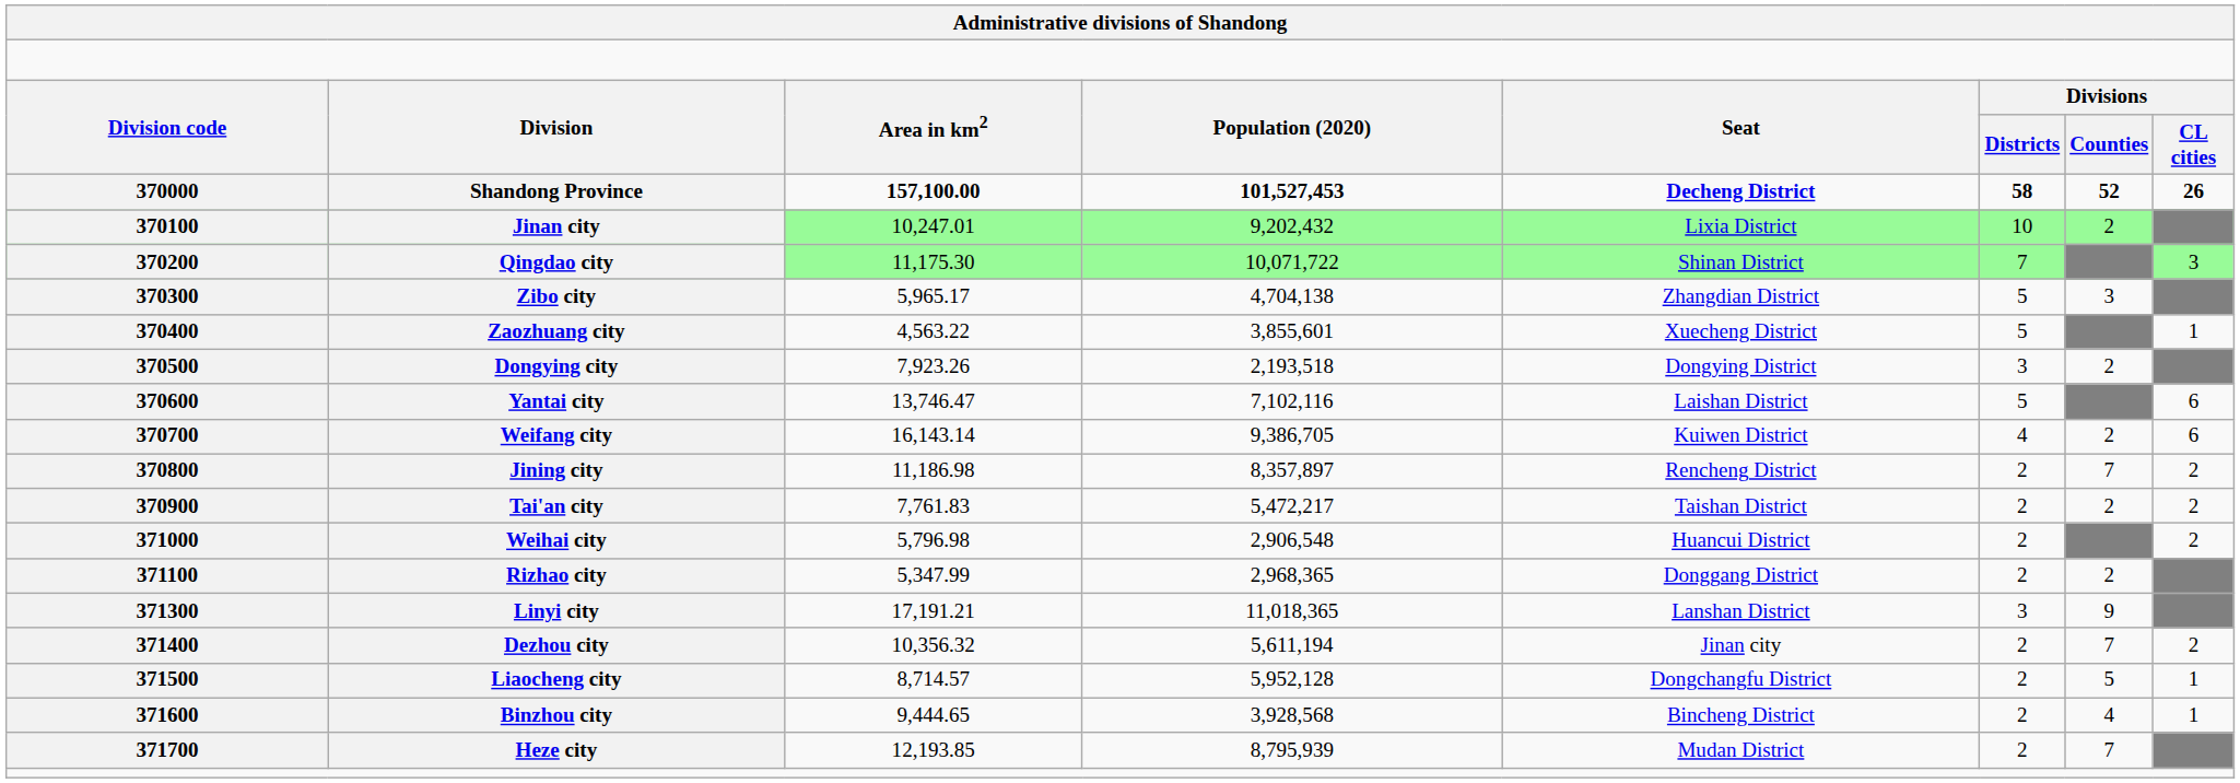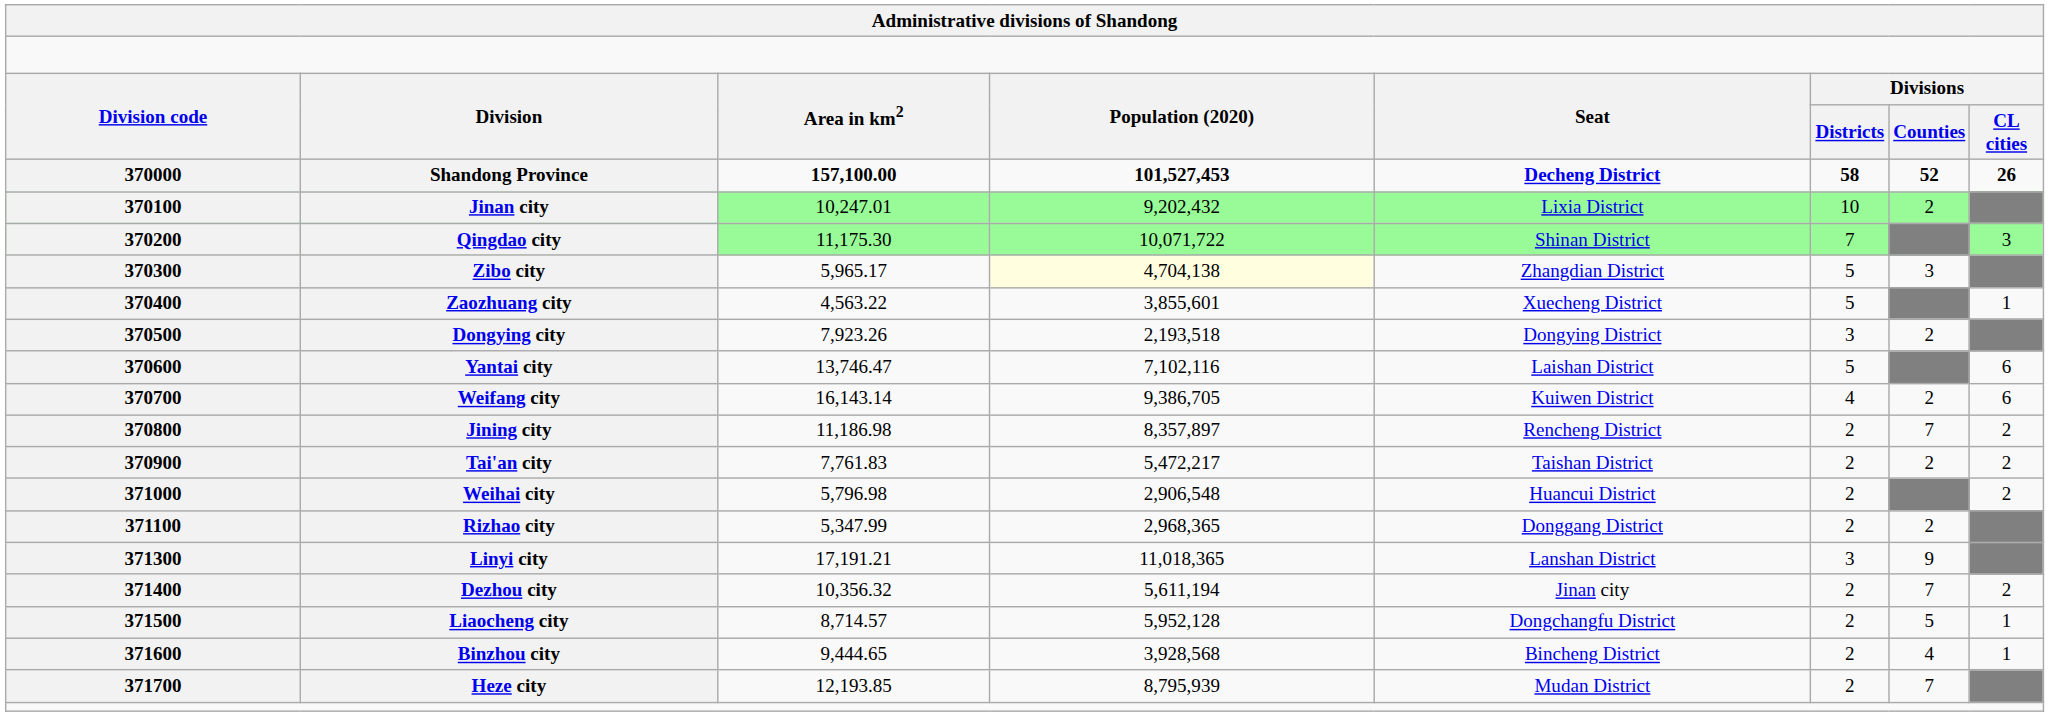 <table class="wikitable" style="margin:1em auto 1em auto; width:90%; font-size:smaller; text-align:center">
 <tr>
 <th colspan="9">Administrative divisions of Shandong</th>
 </tr>
 <tr>
 <td colspan="9" style="font-size:larger"><div><br>                  </div></td>
 </tr>
 <tr>
 <th ! scope="col" rowspan="2"><a href='#'>Division code</a></th>
 <th ! scope="col" rowspan="2">Division</th>
 <th ! scope="col" rowspan="2">Area in km<sup>2</sup></th>
 <th ! scope="col" rowspan="2">Population (2020)</th>
 <th ! scope="col" rowspan="2">Seat</th>
 <th ! scope="col" colspan="3">Divisions</th>
 </tr>
 <tr>
 <th ! scope="col" width="45"><a href='#'>Districts</a></th>
 <th ! scope="col" width="45"><a href='#'>Counties</a></th>
 <th ! scope="col" width="45"><a href='#'>CL cities</a></th>
 </tr>
 <tr style="font-weight: bold">
 <th>370000</th>
 <th>Shandong Province</th>
 <td>157,100.00</td>
 <td>101,527,453</td>
 <td><a href='#'>Decheng District</a></td>
 <td>58</td>
 <td>52</td>
 <td>26</td>
 </tr>
 <tr bgcolor="#98fb98">
 <th>370100</th>
 <th><a href='#'>Jinan</a> city</th>
 <td>10,247.01</td>
 <td>9,202,432</td>
 <td><a href='#'>Lixia District</a></td>
 <td>10</td>
 <td>2</td>
 <td bgcolor="grey"></td>
 </tr>
 <tr bgcolor="#98fb98">
 <th>370200</th>
 <th><a href='#'>Qingdao</a> city</th>
 <td>11,175.30</td>
 <td>10,071,722</td>
 <td><a href='#'>Shinan District</a></td>
 <td>7</td>
 <td bgcolor="grey"></td>
 <td>3</td>
 </tr>
 <tr>
 <th>370300</th>
 <th><a href='#'>Zibo</a> city</th>
 <td>5,965.17</td>
-<td>4,704,138</td>
+<td style="background: lightyellow;">4,704,138</td>
 <td><a href='#'>Zhangdian District</a></td>
 <td>5</td>
 <td>3</td>
 <td bgcolor="grey"></td>
 </tr>
 <tr>
 <th>370400</th>
 <th><a href='#'>Zaozhuang</a> city</th>
 <td>4,563.22</td>
 <td>3,855,601</td>
 <td><a href='#'>Xuecheng District</a></td>
 <td>5</td>
 <td bgcolor="grey"></td>
 <td>1</td>
 </tr>
 <tr>
 <th>370500</th>
 <th><a href='#'>Dongying</a> city</th>
 <td>7,923.26</td>
 <td>2,193,518</td>
 <td><a href='#'>Dongying District</a></td>
 <td>3</td>
 <td>2</td>
 <td bgcolor="grey"></td>
 </tr>
 <tr>
 <th>370600</th>
 <th><a href='#'>Yantai</a> city</th>
 <td>13,746.47</td>
 <td>7,102,116</td>
 <td><a href='#'>Laishan District</a></td>
 <td>5</td>
 <td bgcolor="grey"></td>
 <td>6</td>
 </tr>
 <tr>
 <th>370700</th>
 <th><a href='#'>Weifang</a> city</th>
 <td>16,143.14</td>
 <td>9,386,705</td>
 <td><a href='#'>Kuiwen District</a></td>
 <td>4</td>
 <td>2</td>
 <td>6</td>
 </tr>
 <tr>
 <th>370800</th>
 <th><a href='#'>Jining</a> city</th>
 <td>11,186.98</td>
 <td>8,357,897</td>
 <td><a href='#'>Rencheng District</a></td>
 <td>2</td>
 <td>7</td>
 <td>2</td>
 </tr>
 <tr>
 <th>370900</th>
 <th><a href='#'>Tai'an</a> city</th>
 <td>7,761.83</td>
 <td>5,472,217</td>
 <td><a href='#'>Taishan District</a></td>
 <td>2</td>
 <td>2</td>
 <td>2</td>
 </tr>
 <tr>
 <th>371000</th>
 <th><a href='#'>Weihai</a> city</th>
 <td>5,796.98</td>
 <td>2,906,548</td>
 <td><a href='#'>Huancui District</a></td>
 <td>2</td>
 <td bgcolor="grey"></td>
 <td>2</td>
 </tr>
 <tr>
 <th>371100</th>
 <th><a href='#'>Rizhao</a> city</th>
 <td>5,347.99</td>
 <td>2,968,365</td>
 <td><a href='#'>Donggang District</a></td>
 <td>2</td>
 <td>2</td>
 <td bgcolor="grey"></td>
 </tr>
 <tr>
 <th>371300</th>
 <th><a href='#'>Linyi</a> city</th>
 <td>17,191.21</td>
 <td>11,018,365</td>
 <td><a href='#'>Lanshan District</a></td>
 <td>3</td>
 <td>9</td>
 <td bgcolor="grey"></td>
 </tr>
 <tr>
 <th>371400</th>
 <th><a href='#'>Dezhou</a> city</th>
 <td>10,356.32</td>
 <td>5,611,194</td>
 <td><a href='#'>Jinan</a> city</td>
 <td>2</td>
 <td>7</td>
 <td>2</td>
 </tr>
 <tr>
 <th>371500</th>
 <th><a href='#'>Liaocheng</a> city</th>
 <td>8,714.57</td>
 <td>5,952,128</td>
 <td><a href='#'>Dongchangfu District</a></td>
 <td>2</td>
 <td>5</td>
 <td>1</td>
 </tr>
 <tr>
 <th>371600</th>
 <th><a href='#'>Binzhou</a> city</th>
 <td>9,444.65</td>
 <td>3,928,568</td>
 <td><a href='#'>Bincheng District</a></td>
 <td>2</td>
 <td>4</td>
 <td>1</td>
 </tr>
 <tr>
 <th>371700</th>
 <th><a href='#'>Heze</a> city</th>
 <td>12,193.85</td>
 <td>8,795,939</td>
 <td><a href='#'>Mudan District</a></td>
 <td>2</td>
 <td>7</td>
 <td bgcolor="grey"></td>
 </tr>
 <tr>
 <td colspan = "12"></td>
 </tr>
 </table>
